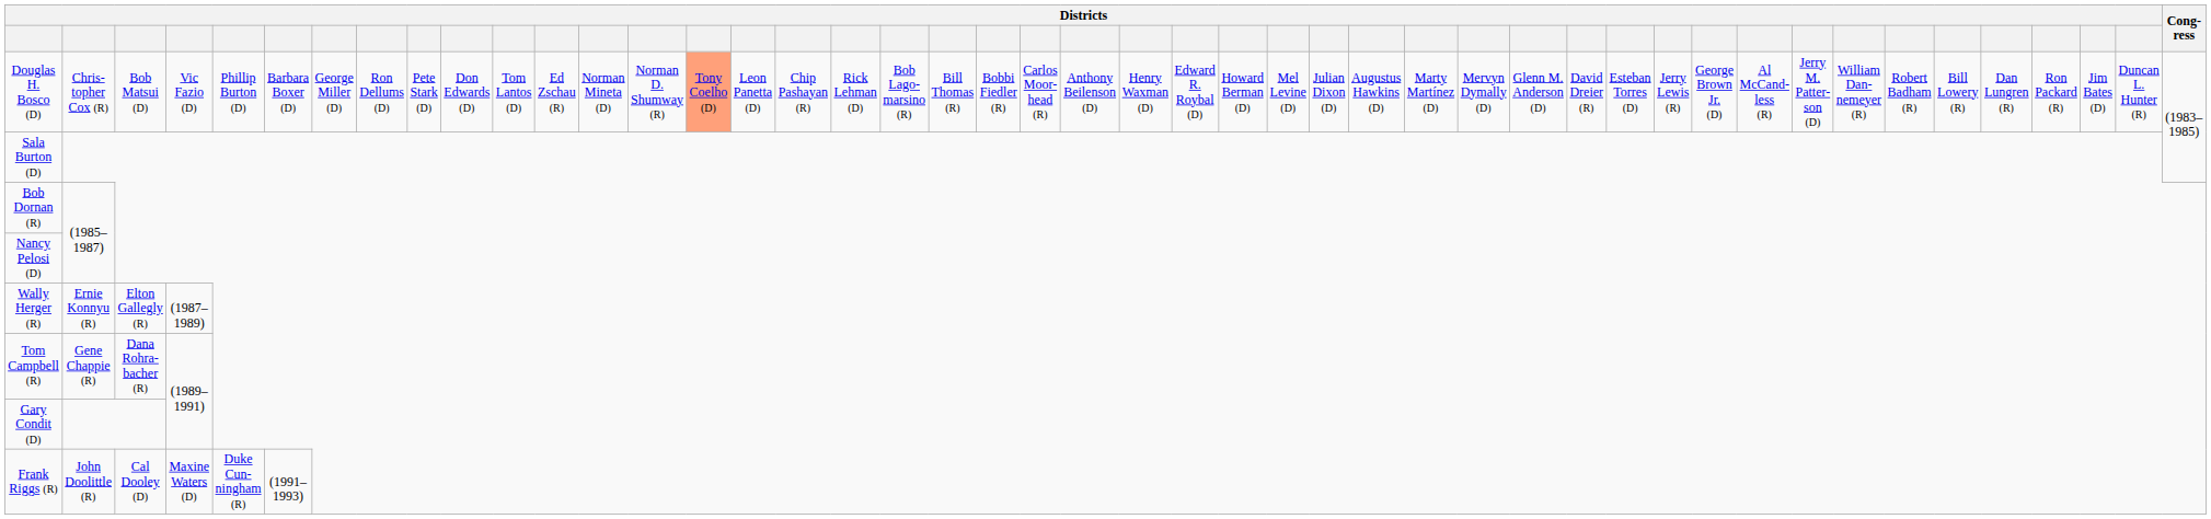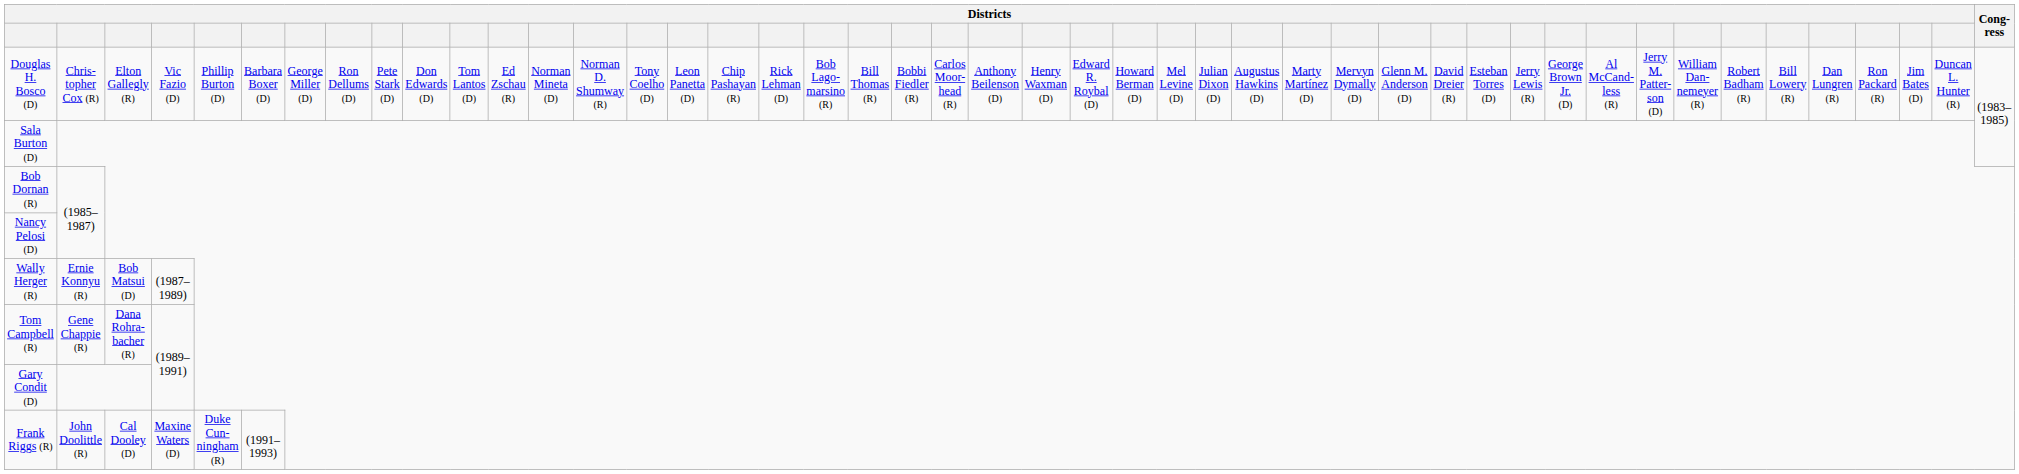 <table class=wikitable style="text-align:center">
 <tr>
 <th colspan=45>Districts</th>
 <th rowspan=2>Cong­ress</th>
 </tr>
 <tr style="height:2em">
 <th></th>
 <th></th>
 <th></th>
 <th></th>
 <th></th>
 <th></th>
 <th></th>
 <th></th>
 <th></th>
 <th></th>
 <th></th>
 <th></th>
 <th></th>
 <th></th>
 <th></th>
 <th></th>
 <th></th>
 <th></th>
 <th></th>
 <th></th>
 <th></th>
 <th></th>
 <th></th>
 <th></th>
 <th></th>
 <th></th>
 <th></th>
 <th></th>
 <th></th>
 <th></th>
 <th></th>
 <th></th>
 <th></th>
 <th></th>
 <th></th>
 <th></th>
 <th></th>
 <th></th>
 <th></th>
 <th></th>
 <th></th>
 <th></th>
 <th></th>
 <th></th>
 <th></th>
 </tr>
 <tr style="height:2em">
 <td><a href='#'>Douglas<br>H.<br>Bosco</a><br><small>(D)</small></td>
 <td><a href='#'>Chris-<br>topher<br>Cox</a> <small>(R)</small></td>
-<td><a href='#'>Bob<br>Matsui</a><br><small>(D)</small></td>
+<td><a href='#'>Elton<br>Gallegly</a><br><small>(R)</small></td>
 <td><a href='#'>Vic<br>Fazio</a><br><small>(D)</small></td>
 <td><a href='#'>Phillip<br>Burton</a> <small>(D)</small></td>
 <td><a href='#'>Barbara<br>Boxer</a><br><small>(D)</small></td>
 <td><a href='#'>George<br>Miller</a><br><small>(D)</small></td>
 <td><a href='#'>Ron<br>Dellums</a><br><small>(D)</small></td>
 <td><a href='#'>Pete<br>Stark</a><br><small>(D)</small></td>
 <td><a href='#'>Don<br>Edwards</a><br><small>(D)</small></td>
 <td><a href='#'>Tom<br>Lantos</a><br><small>(D)</small></td>
 <td><a href='#'>Ed<br>Zschau</a><br><small>(R)</small></td>
 <td><a href='#'>Norman<br>Mineta</a><br><small>(D)</small></td>
 <td><a href='#'>Norman<br>D.<br>Shumway</a><br><small>(R)</small></td>
-<td style="background: lightsalmon;"><a href='#'>Tony<br>Coelho</a><br><small>(D)</small></td>
+<td><a href='#'>Tony<br>Coelho</a><br><small>(D)</small></td>
 <td><a href='#'>Leon<br>Panetta</a><br><small>(D)</small></td>
 <td><a href='#'>Chip<br>Pashayan</a><br><small>(R)</small></td>
 <td><a href='#'>Rick<br>Lehman</a><br><small>(D)</small></td>
 <td><a href='#'>Bob<br>Lago-<br>marsino</a><br><small>(R)</small></td>
 <td><a href='#'>Bill<br>Thomas</a><br><small>(R)</small></td>
 <td><a href='#'>Bobbi<br>Fiedler</a><br><small>(R)</small></td>
 <td><a href='#'>Carlos<br>Moor-<br>head</a><br><small>(R)</small></td>
 <td><a href='#'>Anthony<br>Beilenson</a><br><small>(D)</small></td>
 <td><a href='#'>Henry<br>Waxman</a><br><small>(D)</small></td>
 <td><a href='#'>Edward<br>R.<br>Roybal</a><br><small>(D)</small></td>
 <td><a href='#'>Howard<br>Berman</a><br><small>(D)</small></td>
 <td><a href='#'>Mel<br>Levine</a><br><small>(D)</small></td>
 <td><a href='#'>Julian<br>Dixon</a><br><small>(D)</small></td>
 <td><a href='#'>Augustus<br>Hawkins</a><br><small>(D)</small></td>
 <td><a href='#'>Marty<br>Martínez</a><br><small>(D)</small></td>
 <td><a href='#'>Mervyn<br>Dymally</a><br><small>(D)</small></td>
 <td><a href='#'>Glenn M.<br>Anderson</a><br><small>(D)</small></td>
 <td><a href='#'>David<br>Dreier</a><br><small>(R)</small></td>
 <td><a href='#'>Esteban<br>Torres</a><br><small>(D)</small></td>
 <td><a href='#'>Jerry<br>Lewis</a><br><small>(R)</small></td>
 <td><a href='#'>George<br>Brown<br>Jr.</a><br><small>(D)</small></td>
 <td><a href='#'>Al<br>McCand-<br>less</a><br><small>(R)</small></td>
 <td><a href='#'>Jerry M.<br>Patter-<br>son</a> <small>(D)</small></td>
 <td><a href='#'>William<br>Dan-<br>nemeyer</a><br><small>(R)</small></td>
 <td><a href='#'>Robert<br>Badham</a><br><small>(R)</small></td>
 <td><a href='#'>Bill<br>Lowery</a><br><small>(R)</small></td>
 <td><a href='#'>Dan<br>Lungren</a><br><small>(R)</small></td>
 <td><a href='#'>Ron<br>Packard</a><br><small>(R)</small></td>
 <td><a href='#'>Jim<br>Bates</a><br><small>(D)</small></td>
 <td><a href='#'>Duncan<br>L.<br>Hunter</a><br><small>(R)</small></td>
 <td rowspan=2><strong></strong><br>(1983–1985)</td>
 </tr>
 <tr style="height:2em">
 <td><a href='#'>Sala<br>Burton</a> <small>(D)</small></td>
 </tr>
 <tr style="height:2em">
 <td><a href='#'>Bob<br>Dornan</a><br><small>(R)</small></td>
 <td rowspan=2><strong></strong><br>(1985–1987)</td>
 </tr>
 <tr style="height:2em">
 <td><a href='#'>Nancy<br>Pelosi</a><br><small>(D)</small></td>
 </tr>
 <tr style="height:2em">
 <td><a href='#'>Wally<br>Herger</a><br><small>(R)</small></td>
 <td><a href='#'>Ernie<br>Konnyu</a> <small>(R)</small></td>
-<td><a href='#'>Elton<br>Gallegly</a><br><small>(R)</small></td>
+<td><a href='#'>Bob<br>Matsui</a><br><small>(D)</small></td>
 <td><strong></strong><br>(1987–1989)</td>
 </tr>
 <tr style="height:2em">
 <td><a href='#'>Tom<br>Campbell</a><br><small>(R)</small></td>
 <td><a href='#'>Gene<br>Chappie</a><br><small>(R)</small></td>
 <td><a href='#'>Dana<br>Rohra-<br>bacher</a><br><small>(R)</small></td>
 <td rowspan=2><strong></strong><br>(1989–1991)</td>
 </tr>
 <tr style="height:2em">
 <td><a href='#'>Gary<br>Condit</a><br><small>(D)</small></td>
 </tr>
 <tr style="height:2em">
 <td><a href='#'>Frank<br>Riggs</a> <small>(R)</small></td>
 <td><a href='#'>John<br>Doolittle</a> <small>(R)</small></td>
 <td><a href='#'>Cal<br>Dooley</a> <small>(D)</small></td>
 <td><a href='#'>Maxine<br>Waters</a> <small>(D)</small></td>
 <td><a href='#'>Duke Cun-<br>ningham</a> <small>(R)</small></td>
 <td><strong></strong><br>(1991–1993)</td>
 </tr>
 </table>
